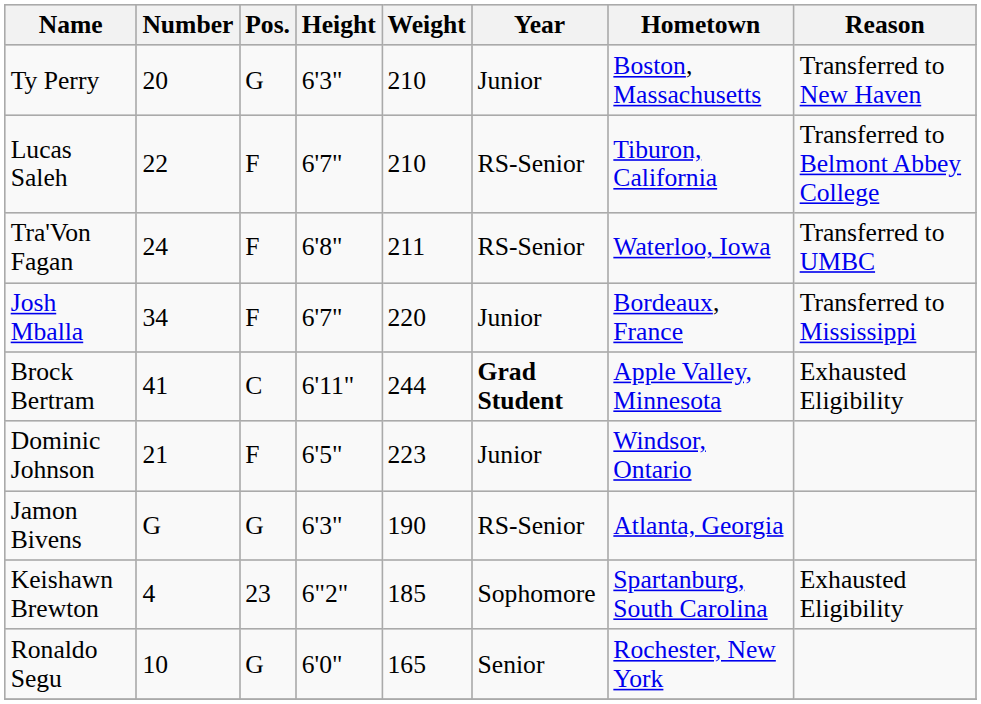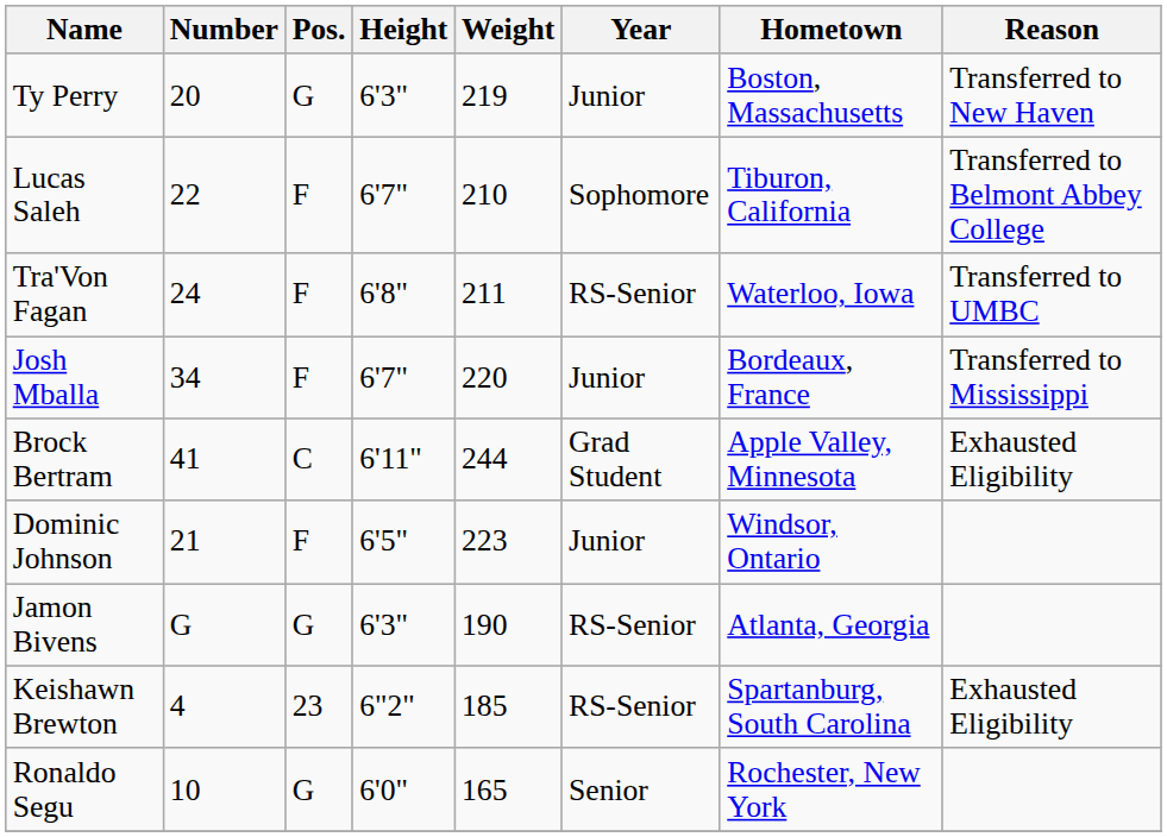 <table class="wikitable sortable" border="1">
 <tr align=center>
 <th>Name</th>
 <th>Number</th>
 <th>Pos.</th>
 <th>Height</th>
 <th>Weight</th>
 <th>Year</th>
 <th>Hometown</th>
 <th>Reason</th>
 </tr>
 <tr>
 <td>Ty Perry</td>
 <td>20</td>
 <td>G</td>
 <td>6'3"</td>
-<td>210</td>
+<td>219</td>
 <td>Junior</td>
 <td><a href='#'>Boston</a>, <a href='#'>Massachusetts</a></td>
 <td>Transferred to <a href='#'>New Haven</a></td>
 </tr>
 <tr>
 <td>Lucas Saleh</td>
 <td>22</td>
 <td>F</td>
 <td>6'7"</td>
 <td>210</td>
-<td>RS-Senior</td>
+<td>Sophomore</td>
 <td><a href='#'>Tiburon, California</a></td>
 <td>Transferred to <a href='#'>Belmont Abbey College</a></td>
 </tr>
 <tr>
 <td>Tra'Von Fagan</td>
 <td>24</td>
 <td>F</td>
 <td>6'8"</td>
 <td>211</td>
 <td>RS-Senior</td>
 <td><a href='#'>Waterloo, Iowa</a></td>
 <td>Transferred to <a href='#'>UMBC</a></td>
 </tr>
 <tr>
 <td><a href='#'>Josh Mballa</a></td>
 <td>34</td>
 <td>F</td>
 <td>6'7"</td>
 <td>220</td>
 <td>Junior</td>
 <td><a href='#'>Bordeaux</a>, <a href='#'>France</a></td>
 <td>Transferred to <a href='#'>Mississippi</a></td>
 </tr>
 <tr>
 <td>Brock Bertram</td>
 <td>41</td>
 <td>C</td>
 <td>6'11"</td>
 <td>244</td>
-<td><strong>Grad Student</strong></td>
+<td>Grad Student</td>
 <td><a href='#'>Apple Valley, Minnesota</a></td>
 <td>Exhausted Eligibility</td>
 </tr>
 <tr>
 <td>Dominic Johnson</td>
 <td>21</td>
 <td>F</td>
 <td>6'5"</td>
 <td>223</td>
 <td>Junior</td>
 <td><a href='#'>Windsor, Ontario</a></td>
 <td></td>
 </tr>
 <tr>
 <td>Jamon Bivens</td>
 <td>G</td>
 <td>G</td>
 <td>6'3"</td>
 <td>190</td>
 <td>RS-Senior</td>
 <td><a href='#'>Atlanta, Georgia</a></td>
 <td></td>
 </tr>
 <tr>
 <td>Keishawn Brewton</td>
 <td>4</td>
 <td>23</td>
 <td>6"2"</td>
 <td>185</td>
-<td>Sophomore</td>
+<td>RS-Senior</td>
 <td><a href='#'>Spartanburg, South Carolina</a></td>
 <td>Exhausted Eligibility</td>
 </tr>
 <tr>
 <td>Ronaldo Segu</td>
 <td>10</td>
 <td>G</td>
 <td>6'0"</td>
 <td>165</td>
 <td>Senior</td>
 <td><a href='#'>Rochester, New York</a></td>
 <td></td>
 </tr>
 <tr>
 </tr>
 </table>
